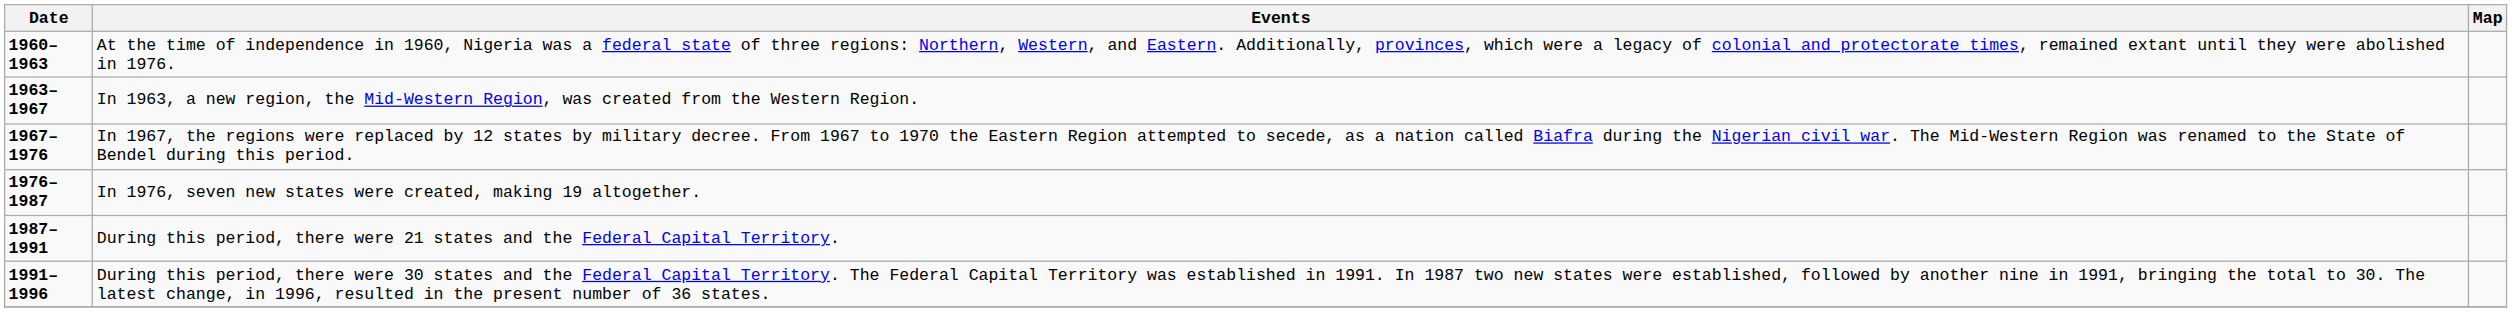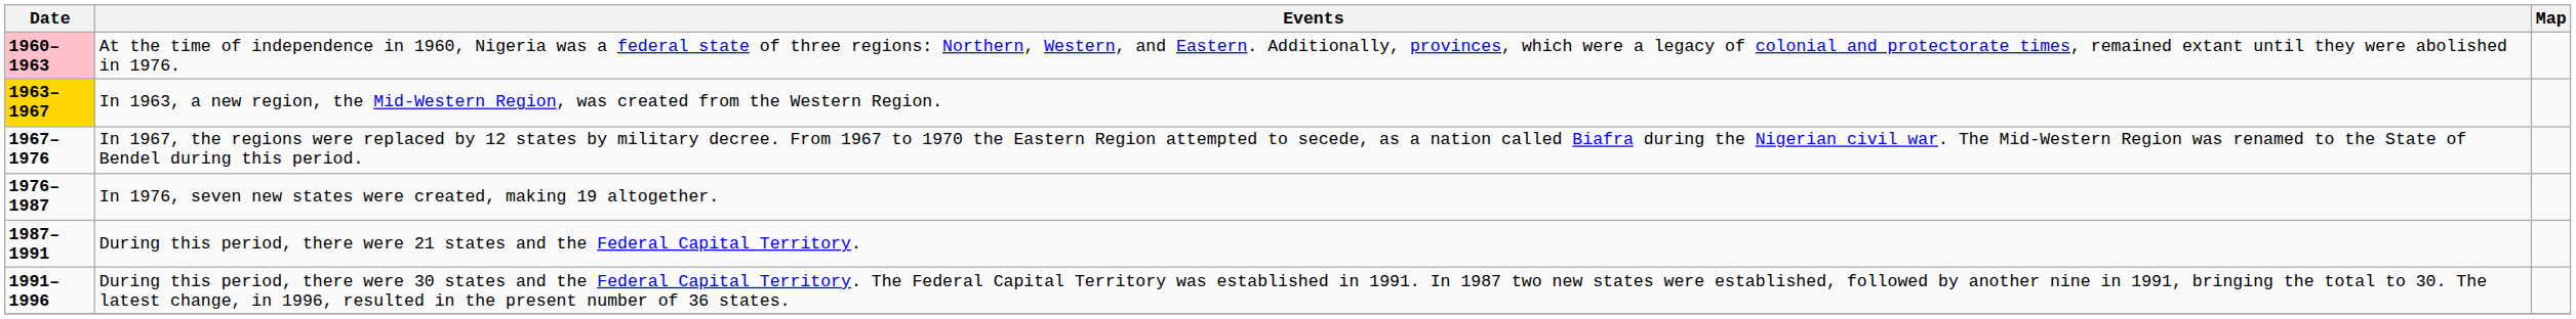 <table class="wikitable">
 <tr>
 <th>Date</th>
 <th>Events</th>
 <th>Map</th>
 </tr>
 <tr>
-<td><strong>1960–1963</strong></td>
+<td style="background: pink;"><strong>1960–1963</strong></td>
 <td>At the time of independence in 1960, Nigeria was a <a href='#'>federal state</a> of three regions: <a href='#'>Northern</a>, <a href='#'>Western</a>, and <a href='#'>Eastern</a>. Additionally, <a href='#'>provinces</a>, which were a legacy of <a href='#'>colonial and protectorate times</a>, remained extant until they were abolished in 1976.</td>
 <td></td>
 </tr>
 <tr>
-<td><strong>1963–1967</strong></td>
+<td style="background: gold;"><strong>1963–1967</strong></td>
 <td>In 1963, a new region, the <a href='#'>Mid-Western Region</a>, was created from the Western Region.</td>
 <td></td>
 </tr>
 <tr>
 <td><strong>1967–1976</strong></td>
 <td>In 1967, the regions were replaced by 12 states by military decree. From 1967 to 1970 the Eastern Region attempted to secede, as a nation called <a href='#'>Biafra</a> during the <a href='#'>Nigerian civil war</a>. The Mid-Western Region was renamed to the State of Bendel during this period.</td>
 <td></td>
 </tr>
 <tr>
 <td><strong>1976–1987</strong></td>
 <td>In 1976, seven new states were created, making 19 altogether.</td>
 <td></td>
 </tr>
 <tr>
 <td><strong>1987–1991</strong></td>
 <td>During this period, there were 21 states and the <a href='#'>Federal Capital Territory</a>.</td>
 <td></td>
 </tr>
 <tr>
 <td><strong>1991–1996</strong></td>
 <td>During this period, there were 30 states and the <a href='#'>Federal Capital Territory</a>. The Federal Capital Territory was established in 1991. In 1987 two new states were established, followed by another nine in 1991, bringing the total to 30. The latest change, in 1996, resulted in the present number of 36 states.</td>
 <td></td>
 </tr>
 <tr>
 </tr>
 </table>
